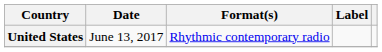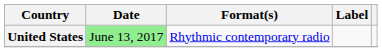 <table class="wikitable plainrowheaders">
 <tr>
 <th scope="col">Country</th>
 <th scope="col">Date</th>
 <th scope="col">Format(s)</th>
 <th scope="col">Label</th>
 <th scope="col" class="unsortable"></th>
 </tr>
 <tr>
 <th scope="row">United States</th>
-<td>June 13, 2017</td>
+<td style="background: lightgreen;">June 13, 2017</td>
 <td><a href='#'>Rhythmic contemporary radio</a></td>
 <td></td>
 <td></td>
 </tr>
 <tr>
 </tr>
 </table>
